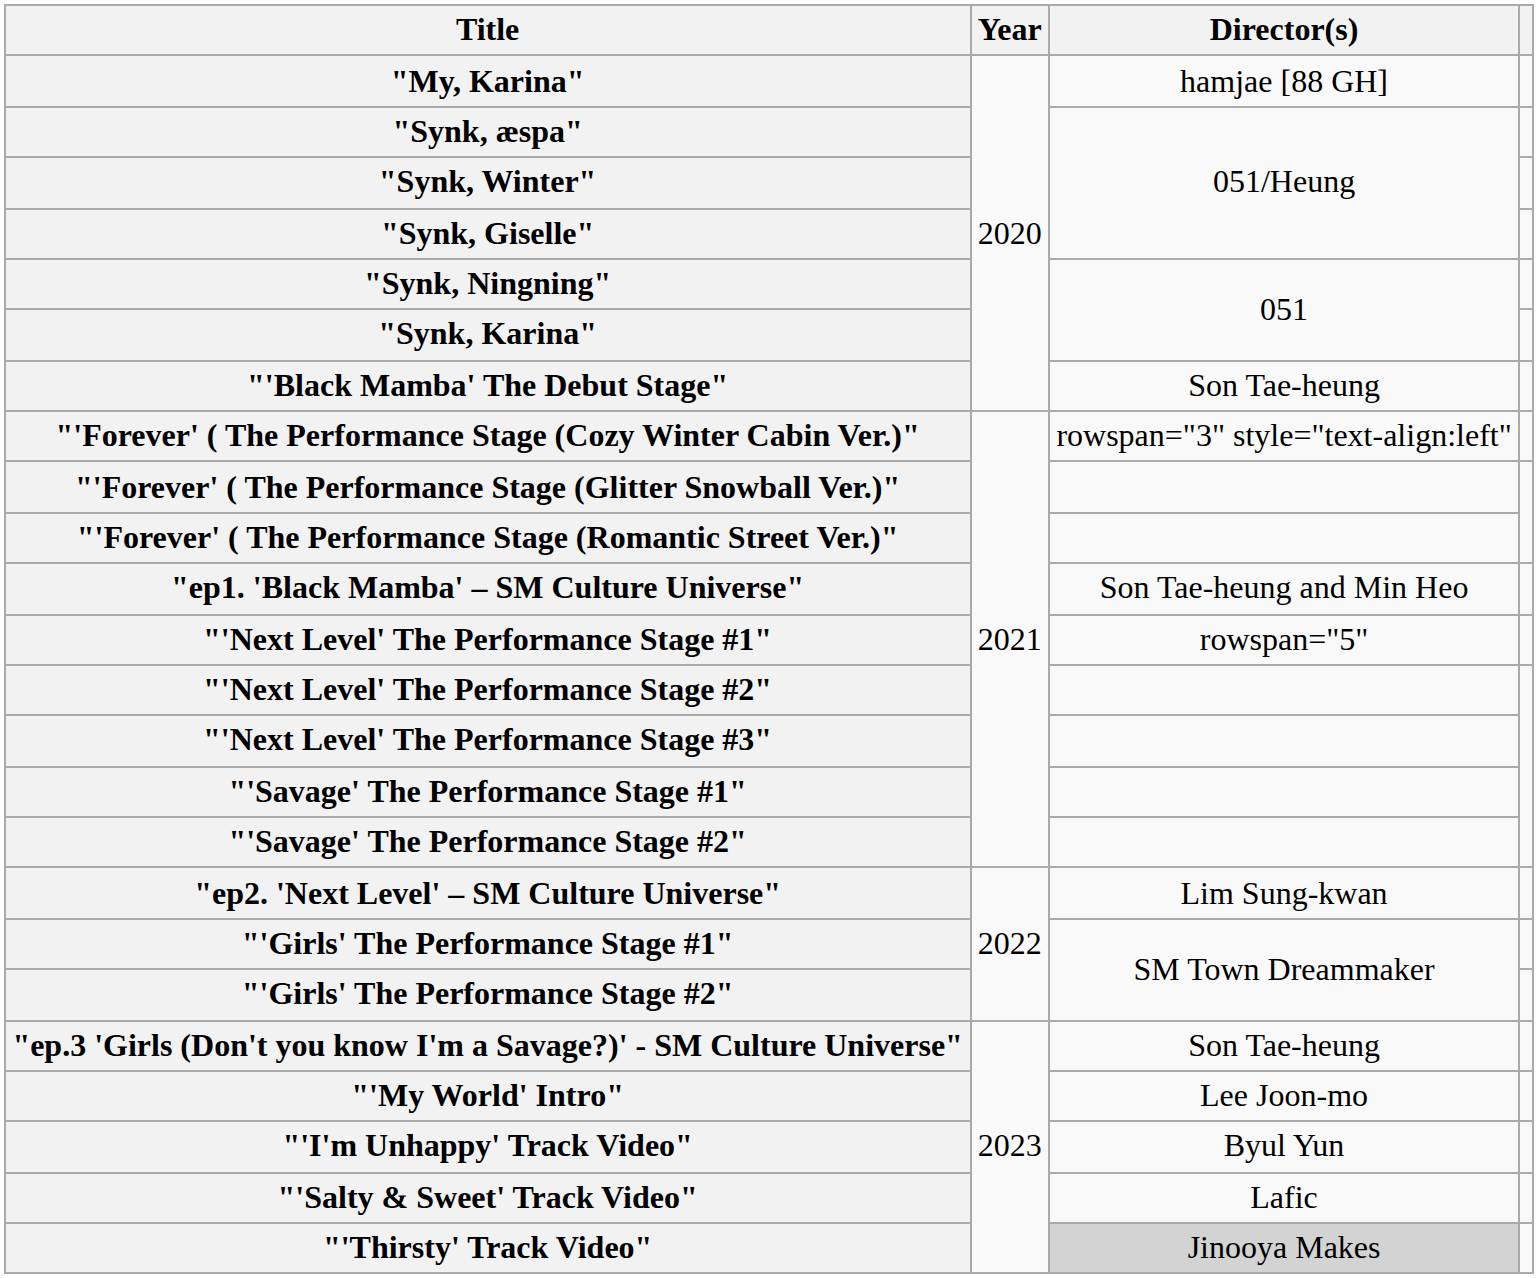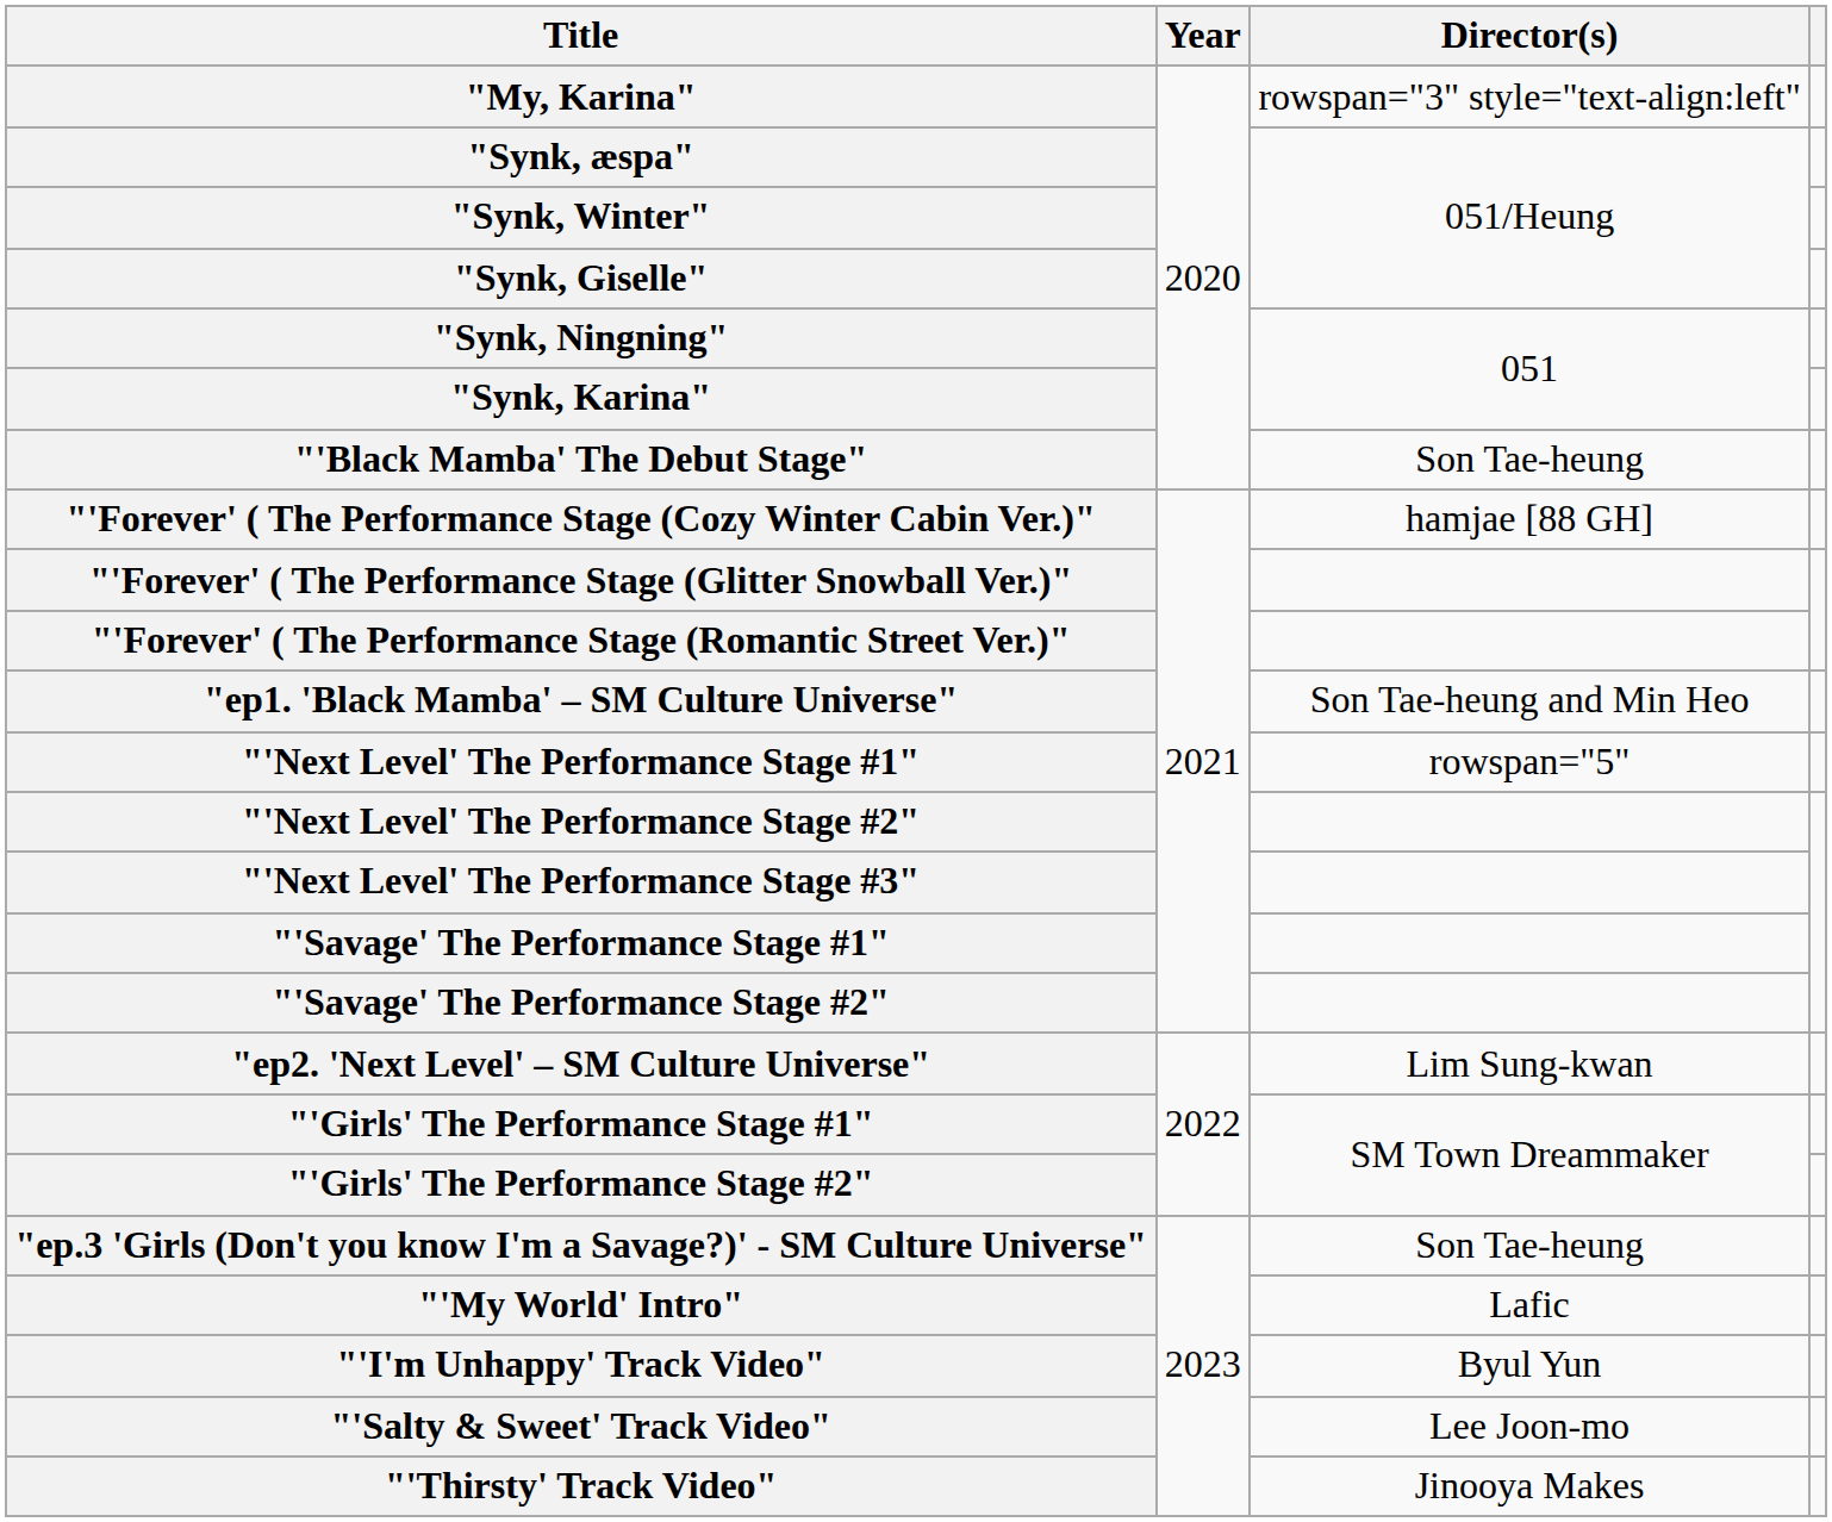 <table class="wikitable plainrowheaders" style="text-align:center">
 <tr>
 <th scope="col">Title</th>
 <th scope="col">Year</th>
 <th scope="col">Director(s)</th>
 <th scope="col"></th>
 </tr>
 <tr>
 <th scope="row">"My, Karina"</th>
 <td rowspan="7">2020</td>
-<td style="text-align:center">hamjae [88 GH]</td>
+<td>rowspan="3" style="text-align:left" </td>
 <td></td>
 </tr>
 <tr>
 <th scope="row">"Synk, æspa"</th>
 <td rowspan="3" style="text-align:center">051/Heung</td>
 <td></td>
 </tr>
 <tr>
 <th scope="row">"Synk, Winter"</th>
 <td></td>
 </tr>
 <tr>
 <th scope="row">"Synk, Giselle"</th>
 <td></td>
 </tr>
 <tr>
 <th scope="row">"Synk, Ningning"</th>
 <td rowspan="2" style="text-align:center">051</td>
 <td></td>
 </tr>
 <tr>
 <th scope="row">"Synk, Karina"</th>
 <td></td>
 </tr>
 <tr>
 <th scope="row">"'Black Mamba' The Debut Stage"</th>
 <td style="text-align:center">Son Tae-heung</td>
 <td></td>
 </tr>
 <tr>
 <th scope="row">"'Forever' ( The Performance Stage (Cozy Winter Cabin Ver.)"</th>
 <td rowspan="9">2021</td>
-<td>rowspan="3" style="text-align:left" </td>
+<td style="text-align:center">hamjae [88 GH]</td>
 <td></td>
 </tr>
 <tr>
 <th scope="row">"'Forever' ( The Performance Stage (Glitter Snowball Ver.)"</th>
 <td></td>
 </tr>
 <tr>
 <th scope="row">"'Forever' ( The Performance Stage (Romantic Street Ver.)"</th>
 <td></td>
 </tr>
 <tr>
 <th scope="row">"ep1. 'Black Mamba' – SM Culture Universe"</th>
 <td style="text-align:center">Son Tae-heung and Min Heo</td>
 <td></td>
 </tr>
 <tr>
 <th scope="row">"'Next Level' The Performance Stage #1"</th>
 <td>rowspan="5" </td>
 <td></td>
 </tr>
 <tr>
 <th scope="row">"'Next Level' The Performance Stage #2"</th>
 <td></td>
 </tr>
 <tr>
 <th scope="row">"'Next Level' The Performance Stage #3"</th>
 <td></td>
 </tr>
 <tr>
 <th scope="row">"'Savage' The Performance Stage #1"</th>
 <td></td>
 </tr>
 <tr>
 <th scope="row">"'Savage' The Performance Stage #2"</th>
 <td></td>
 </tr>
 <tr>
 <th scope="row">"ep2. 'Next Level' – SM Culture Universe"</th>
 <td rowspan="3">2022</td>
 <td style="text-align:center">Lim Sung-kwan</td>
 <td></td>
 </tr>
 <tr>
 <th scope="row">"'Girls' The Performance Stage #1"</th>
 <td rowspan="2" style="text-align:center">SM Town Dreammaker</td>
 <td></td>
 </tr>
 <tr>
 <th scope="row">"'Girls' The Performance Stage #2"</th>
 <td></td>
 </tr>
 <tr>
 <th scope="row">"ep.3 'Girls (Don't you know I'm a Savage?)' - SM Culture Universe"</th>
 <td rowspan="5">2023</td>
 <td style="text-align:center">Son Tae-heung</td>
 <td></td>
 </tr>
 <tr>
 <th scope="row">"'My World' Intro"</th>
-<td>Lee Joon-mo</td>
+<td>Lafic</td>
 <td></td>
 </tr>
 <tr>
 <th scope="row">"'I'm Unhappy' Track Video"</th>
 <td>Byul Yun</td>
 <td></td>
 </tr>
 <tr>
 <th scope="row">"'Salty & Sweet' Track Video"</th>
-<td>Lafic</td>
+<td>Lee Joon-mo</td>
 <td></td>
 </tr>
 <tr>
 <th scope="row">"'Thirsty' Track Video"</th>
-<td style="background: lightgrey;">Jinooya Makes</td>
+<td>Jinooya Makes</td>
 <td></td>
 </tr>
 </table>
